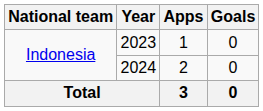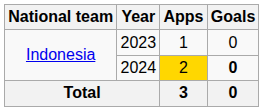 <table class="wikitable" style="text-align:center">
 <tr>
 <th>National team</th>
 <th>Year</th>
 <th>Apps</th>
 <th>Goals</th>
 </tr>
 <tr>
 <td rowspan="2"><a href='#'>Indonesia</a></td>
 <td>2023</td>
 <td>1</td>
 <td>0</td>
 </tr>
 <tr>
 <td>2024</td>
-<td>2</td>
-<td>0</td>
+<td style="background: gold;">2</td>
+<td><strong>0</strong></td>
 </tr>
 <tr>
 <th colspan="2">Total</th>
 <th>3</th>
 <th>0</th>
 </tr>
 </table>
